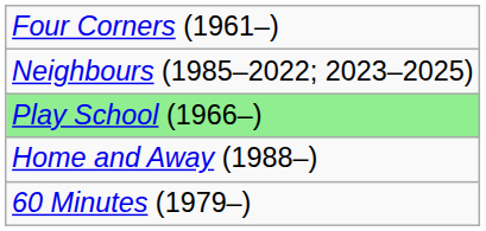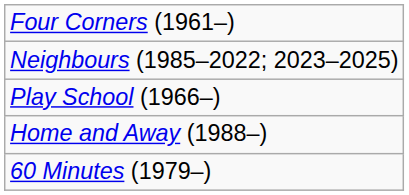 <table class="wikitable">
 <tr>
 <td><em><a href='#'>Four Corners</a></em> (1961–)</td>
 </tr>
 <tr>
 <td><em><a href='#'>Neighbours</a></em> (1985–2022; 2023–2025)</td>
 </tr>
 <tr>
-<td style="background: lightgreen;"><em><a href='#'>Play School</a></em> (1966–)</td>
+<td><em><a href='#'>Play School</a></em> (1966–)</td>
 </tr>
 <tr>
 <td><em><a href='#'>Home and Away</a></em> (1988–)</td>
 </tr>
 <tr>
 <td><em><a href='#'>60 Minutes</a></em> (1979–)</td>
 </tr>
 </table>
